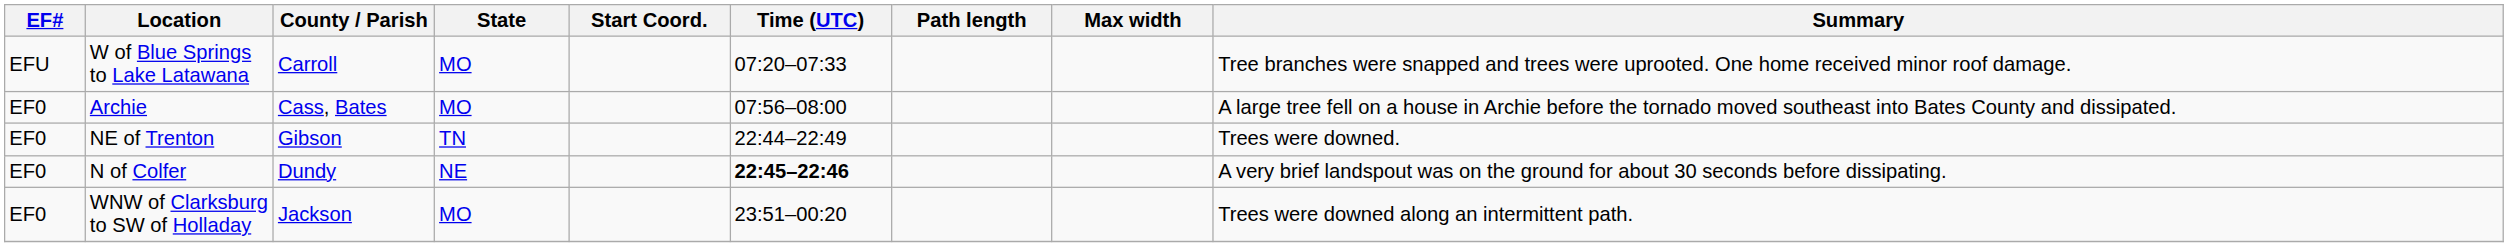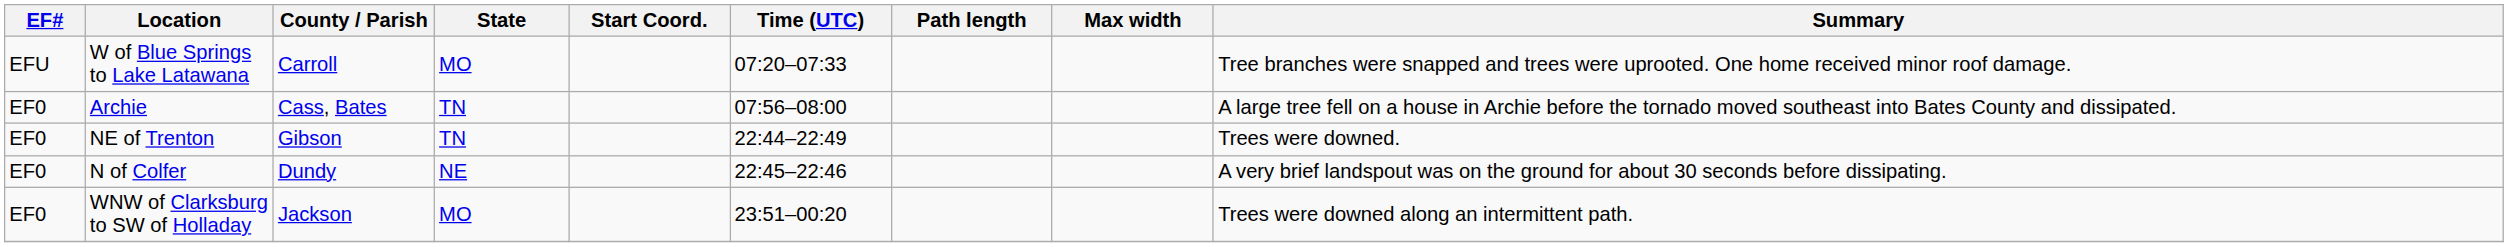 <table class="wikitable sortable" style="width:100%;">
 <tr>
 <th scope="col"  style="width:3%; text-align:center;"><a href='#'>EF#</a></th>
 <th scope="col"  style="width:7%; text-align:center;" class="unsortable">Location</th>
 <th scope="col"  style="width:6%; text-align:center;" class="unsortable">County / Parish</th>
 <th scope="col"  style="width:5%; text-align:center;">State</th>
 <th scope="col"  style="width:6%; text-align:center;">Start Coord.</th>
 <th scope="col"  style="width:6%; text-align:center;">Time (<a href='#'>UTC</a>)</th>
 <th scope="col"  style="width:6%; text-align:center;">Path length</th>
 <th scope="col"  style="width:6%; text-align:center;">Max width</th>
 <th scope="col" class="unsortable" style="width:48%; text-align:center;">Summary</th>
 </tr>
 <tr>
 <td>EFU</td>
 <td>W of <a href='#'>Blue Springs</a> to <a href='#'>Lake Latawana</a></td>
 <td><a href='#'>Carroll</a></td>
 <td><a href='#'>MO</a></td>
 <td></td>
 <td>07:20–07:33</td>
 <td></td>
 <td></td>
 <td>Tree branches were snapped and trees were uprooted. One home received minor roof damage.</td>
 </tr>
 <tr>
 <td>EF0</td>
 <td><a href='#'>Archie</a></td>
 <td><a href='#'>Cass</a>, <a href='#'>Bates</a></td>
-<td><a href='#'>MO</a></td>
+<td><a href='#'>TN</a></td>
 <td></td>
 <td>07:56–08:00</td>
 <td></td>
 <td></td>
 <td>A large tree fell on a house in Archie before the tornado moved southeast into Bates County and dissipated.</td>
 </tr>
 <tr>
 <td>EF0</td>
 <td>NE of <a href='#'>Trenton</a></td>
 <td><a href='#'>Gibson</a></td>
 <td><a href='#'>TN</a></td>
 <td></td>
 <td>22:44–22:49</td>
 <td></td>
 <td></td>
 <td>Trees were downed.</td>
 </tr>
 <tr>
 <td>EF0</td>
 <td>N of <a href='#'>Colfer</a></td>
 <td><a href='#'>Dundy</a></td>
 <td><a href='#'>NE</a></td>
 <td></td>
-<td><strong>22:45–22:46</strong></td>
+<td>22:45–22:46</td>
 <td></td>
 <td></td>
 <td>A very brief landspout was on the ground for about 30 seconds before dissipating.</td>
 </tr>
 <tr>
 <td>EF0</td>
 <td>WNW of <a href='#'>Clarksburg</a> to SW of <a href='#'>Holladay</a></td>
 <td><a href='#'>Jackson</a></td>
 <td><a href='#'>MO</a></td>
 <td></td>
 <td>23:51–00:20</td>
 <td></td>
 <td></td>
 <td>Trees were downed along an intermittent path.</td>
 </tr>
 <tr>
 </tr>
 </table>
